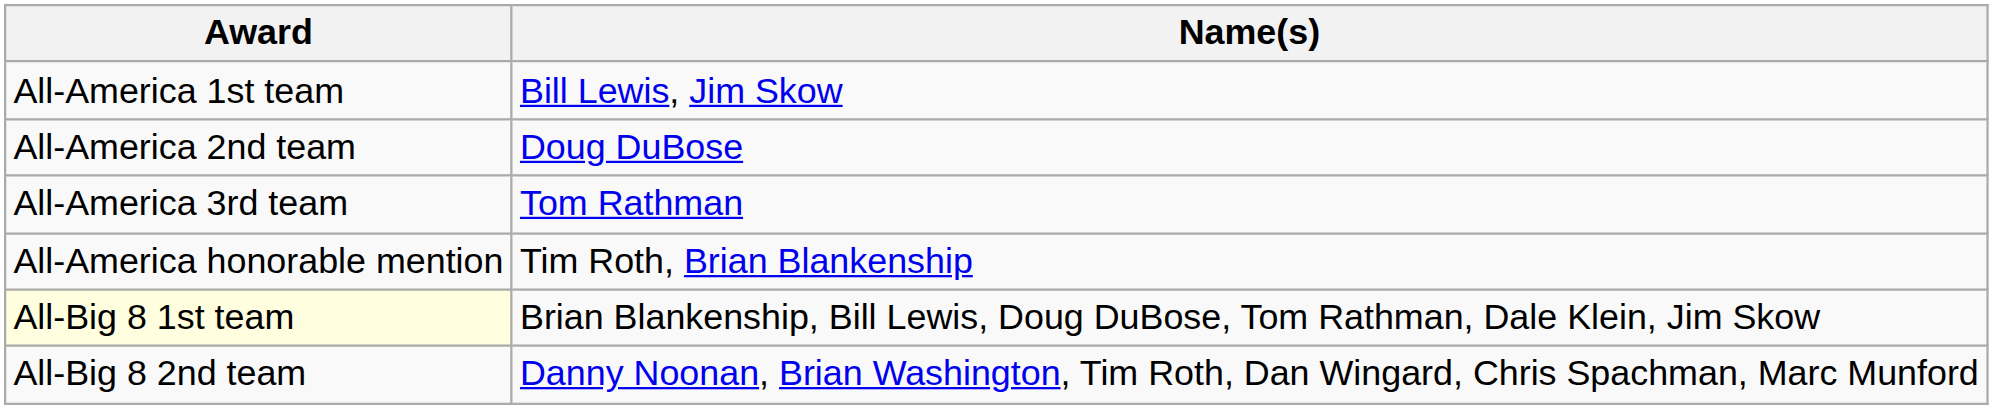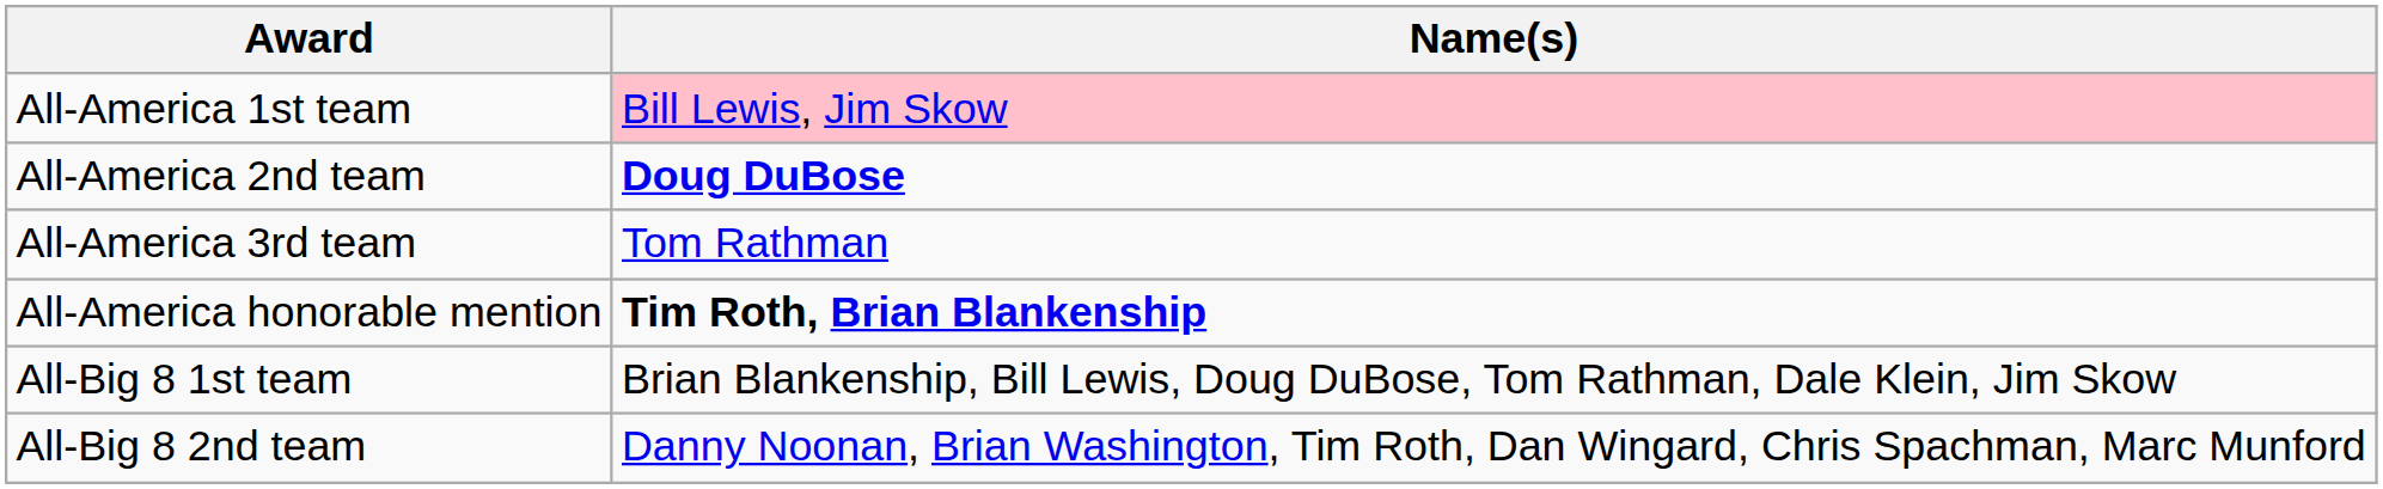 <table class="wikitable">
 <tr>
 <th>Award</th>
 <th>Name(s)</th>
 </tr>
 <tr>
 <td>All-America 1st team</td>
-<td><a href='#'>Bill Lewis</a>, <a href='#'>Jim Skow</a></td>
+<td style="background: pink;"><a href='#'>Bill Lewis</a>, <a href='#'>Jim Skow</a></td>
 </tr>
 <tr>
 <td>All-America 2nd team</td>
-<td><a href='#'>Doug DuBose</a></td>
+<td><strong><a href='#'>Doug DuBose</a></strong></td>
 </tr>
 <tr>
 <td>All-America 3rd team</td>
 <td><a href='#'>Tom Rathman</a></td>
 </tr>
 <tr>
 <td>All-America honorable mention</td>
-<td>Tim Roth, <a href='#'>Brian Blankenship</a></td>
+<td><strong>Tim Roth, <a href='#'>Brian Blankenship</a></strong></td>
 </tr>
 <tr>
-<td style="background: lightyellow;">All-Big 8 1st team</td>
+<td>All-Big 8 1st team</td>
 <td>Brian Blankenship, Bill Lewis, Doug DuBose, Tom Rathman, Dale Klein, Jim Skow</td>
 </tr>
 <tr>
 <td>All-Big 8 2nd team</td>
 <td><a href='#'>Danny Noonan</a>, <a href='#'>Brian Washington</a>, Tim Roth, Dan Wingard, Chris Spachman, Marc Munford</td>
 </tr>
 </table>
